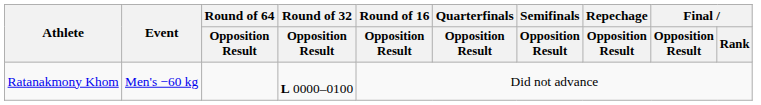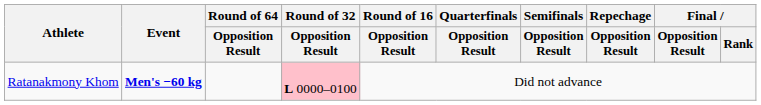 <table class="wikitable" style="font-size:90%">
 <tr>
 <th rowspan="2">Athlete</th>
 <th rowspan="2">Event</th>
 <th>Round of 64</th>
 <th>Round of 32</th>
 <th>Round of 16</th>
 <th>Quarterfinals</th>
 <th>Semifinals</th>
 <th>Repechage</th>
 <th colspan=2>Final / </th>
 </tr>
 <tr style="font-size:95%">
 <th>Opposition<br>Result</th>
 <th>Opposition<br>Result</th>
 <th>Opposition<br>Result</th>
 <th>Opposition<br>Result</th>
 <th>Opposition<br>Result</th>
 <th>Opposition<br>Result</th>
 <th>Opposition<br>Result</th>
 <th>Rank</th>
 </tr>
 <tr align=center>
 <td align=left><a href='#'>Ratanakmony Khom</a></td>
-<td align=left><a href='#'>Men's −60 kg</a></td>
+<td align=left><strong><a href='#'>Men's −60 kg</a></strong></td>
 <td></td>
-<td><br> <strong>L</strong> 0000–0100</td>
+<td style="background: pink;"><br> <strong>L</strong> 0000–0100</td>
 <td colspan=6>Did not advance</td>
 </tr>
 </table>
